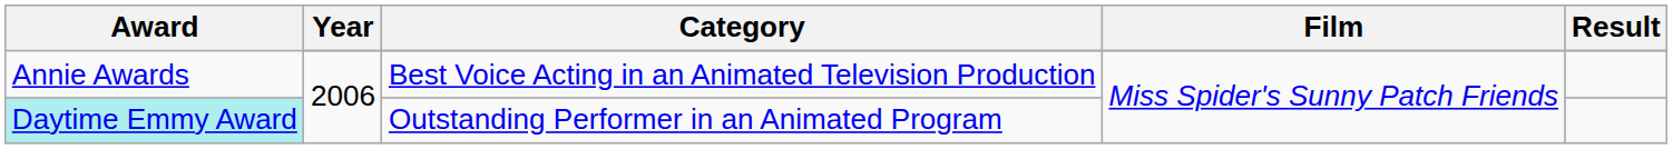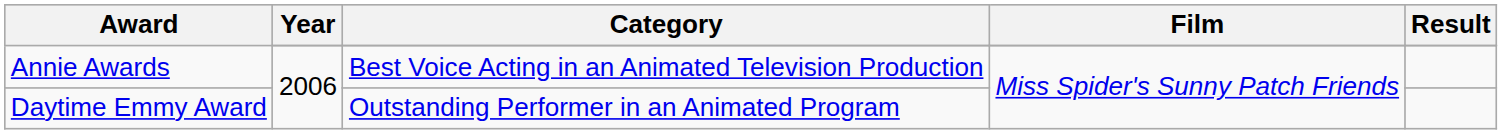 <table class="wikitable">
 <tr>
 <th>Award</th>
 <th>Year</th>
 <th>Category</th>
 <th>Film</th>
 <th>Result</th>
 </tr>
 <tr>
 <td rowspan=2><a href='#'>Annie Awards</a></td>
 </tr>
 <tr>
 <td rowspan=2>2006</td>
 <td><a href='#'>Best Voice Acting in an Animated Television Production</a></td>
 <td rowspan=2><em><a href='#'>Miss Spider's Sunny Patch Friends</a></em></td>
 <td></td>
 </tr>
 <tr>
-<td style="background: paleturquoise;"><a href='#'>Daytime Emmy Award</a></td>
+<td><a href='#'>Daytime Emmy Award</a></td>
 <td><a href='#'>Outstanding Performer in an Animated Program</a></td>
 <td></td>
 </tr>
 </table>
